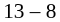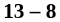 <table style="text-align:center">
 <tr>
 <th width=200></th>
 <th width=100></th>
 <th width=200></th>
 </tr>
 <tr>
 <td align=right><strong></strong></td>
-<td>13 – 8</td>
+<td><strong>13 – 8</strong></td>
 <td align=left></td>
 </tr>
 </table>
